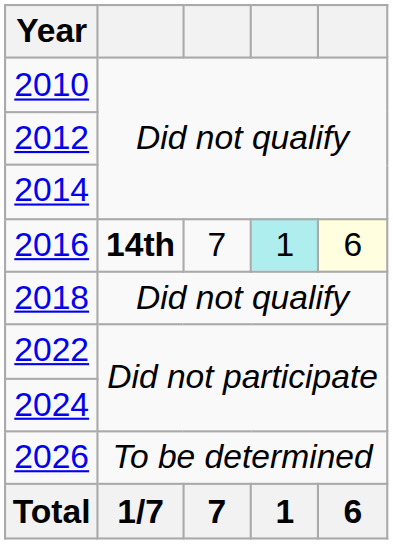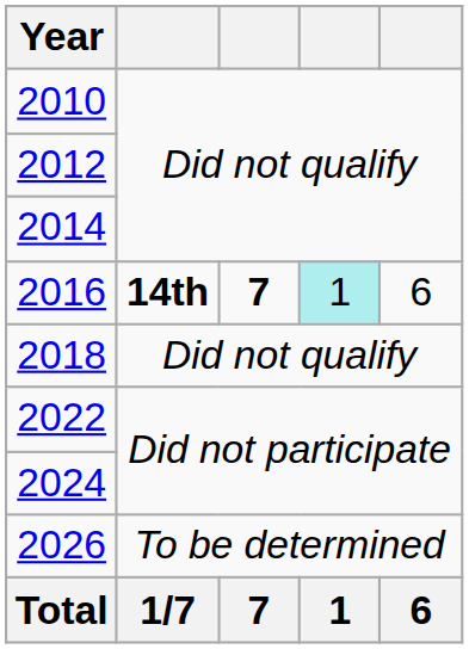 <table class="wikitable" style="text-align:center">
 <tr>
 <th>Year</th>
 <th></th>
 <th width=25></th>
 <th width=25></th>
 <th width=25></th>
 </tr>
 <tr>
 <td> <a href='#'>2010</a></td>
 <td colspan=4 rowspan=3><em>Did not qualify</em></td>
 </tr>
 <tr>
 <td> <a href='#'>2012</a></td>
 </tr>
 <tr>
 <td> <a href='#'>2014</a></td>
 </tr>
 <tr>
 <td> <a href='#'>2016</a></td>
 <td><strong>14th</strong></td>
-<td>7</td>
+<td><strong>7</strong></td>
 <td style="background: paleturquoise;">1</td>
-<td style="background: lightyellow;">6</td>
+<td>6</td>
 </tr>
 <tr>
 <td> <a href='#'>2018</a></td>
 <td colspan=4><em>Did not qualify</em></td>
 </tr>
 <tr>
 <td> <a href='#'>2022</a></td>
 <td colspan=4 rowspan=2><em>Did not participate</em></td>
 </tr>
 <tr>
 <td> <a href='#'>2024</a></td>
 </tr>
 <tr>
 <td> <a href='#'>2026</a></td>
 <td colspan="4"><em>To be determined</em></td>
 </tr>
 <tr>
 <th>Total</th>
 <th>1/7</th>
 <th>7</th>
 <th>1</th>
 <th>6</th>
 </tr>
 </table>
